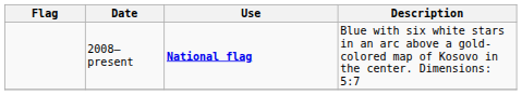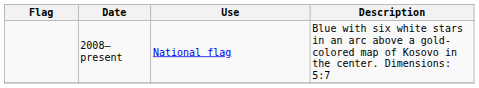 <table class="wikitable">
 <tr>
 <th width="110">Flag</th>
 <th width="100">Date</th>
 <th width="250">Use</th>
 <th width="250">Description</th>
 </tr>
 <tr>
 <td></td>
 <td>2008–present</td>
-<td><strong><a href='#'>National flag</a></strong></td>
+<td><a href='#'>National flag</a></td>
 <td>Blue with six white stars in an arc above a gold-colored map of Kosovo in the center. Dimensions: 5:7</td>
 </tr>
 <tr>
 </tr>
 </table>
